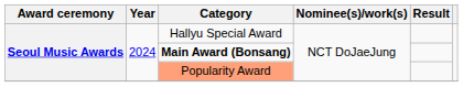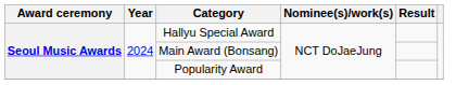 <table class="wikitable plainrowheaders sortable" style="text-align:center">
 <tr>
 <th scope="col">Award ceremony</th>
 <th scope="col">Year</th>
 <th scope="col">Category</th>
 <th scope="col">Nominee(s)/work(s)</th>
 <th scope="col">Result</th>
 <th scope="col" class="unsortable"></th>
 </tr>
 <tr>
 <th scope="row" rowspan="3"><a href='#'>Seoul Music Awards</a></th>
 <td rowspan="3"><a href='#'>2024</a></td>
 <td>Hallyu Special Award</td>
 <td rowspan="3">NCT DoJaeJung</td>
 <td></td>
 <td rowspan="3"></td>
 </tr>
 <tr>
-<td><strong>Main Award (Bonsang)</strong></td>
+<td>Main Award (Bonsang)</td>
 <td></td>
 </tr>
 <tr>
-<td style="background: lightsalmon;">Popularity Award</td>
+<td>Popularity Award</td>
 <td></td>
 </tr>
 <tr>
 </tr>
 </table>
